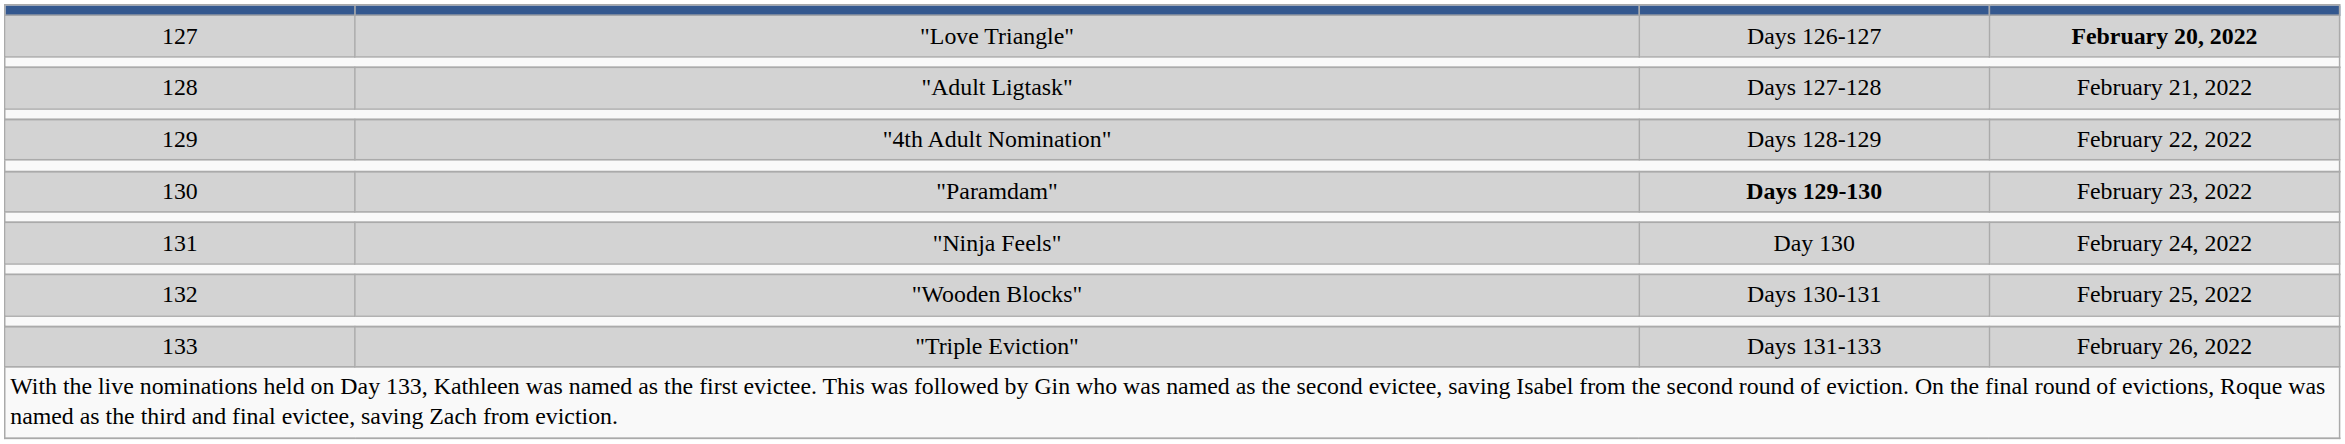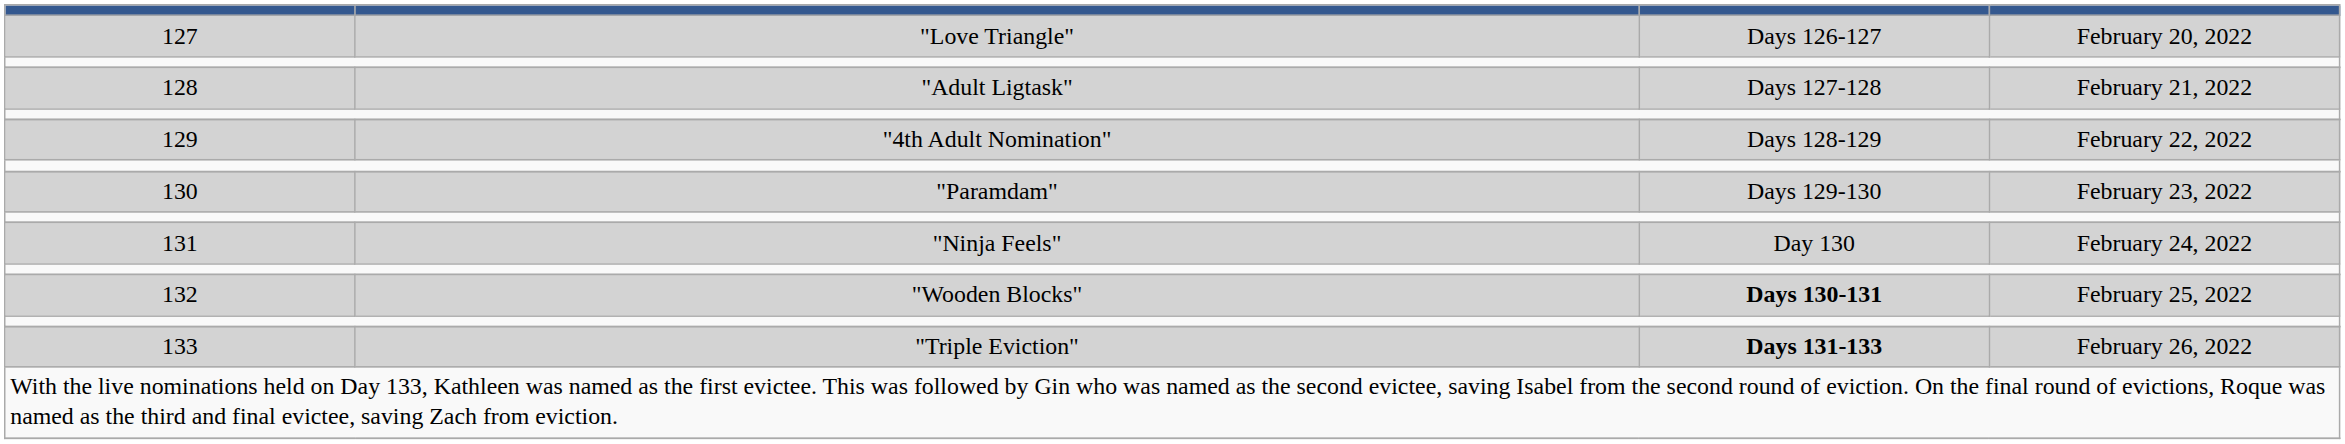 <table class="wikitable sortable" style="font-size:100%; line-height:20px; text-align:center">
 <tr>
 <th width="15%" style="background:#34588F"></th>
 <th width="55%" style="background:#34588F"></th>
 <th width="15%" style="background:#34588F"></th>
 <th width="15%" style="background:#34588F"></th>
 </tr>
 <tr style="background:lightgrey;">
 <td>127</td>
 <td>"Love Triangle"</td>
 <td>Days 126-127</td>
-<td><strong>February 20, 2022</strong></td>
+<td>February 20, 2022</td>
 </tr>
 <tr>
 <td colspan="4" align="left"></td>
 </tr>
 <tr>
 </tr>
 <tr style="background:lightgrey;">
 <td>128</td>
 <td>"Adult Ligtask"</td>
 <td>Days 127-128</td>
 <td>February 21, 2022</td>
 </tr>
 <tr>
 <td colspan="4" align="left"></td>
 </tr>
 <tr>
 </tr>
 <tr style="background:lightgrey;">
 <td>129</td>
 <td>"4th Adult Nomination"</td>
 <td>Days 128-129</td>
 <td>February 22, 2022</td>
 </tr>
 <tr>
 <td colspan="4" align="left"></td>
 </tr>
 <tr>
 </tr>
 <tr style="background:lightgrey;">
 <td>130</td>
 <td>"Paramdam"</td>
-<td><strong>Days 129-130</strong></td>
+<td>Days 129-130</td>
 <td>February 23, 2022</td>
 </tr>
 <tr>
 <td colspan="4" align="left"></td>
 </tr>
 <tr>
 </tr>
 <tr style="background:lightgrey;">
 <td>131</td>
 <td>"Ninja Feels"</td>
 <td>Day 130</td>
 <td>February 24, 2022</td>
 </tr>
 <tr>
 <td colspan="4" align="left"></td>
 </tr>
 <tr>
 </tr>
 <tr style="background:lightgrey;">
 <td>132</td>
 <td>"Wooden Blocks"</td>
-<td>Days 130-131</td>
+<td><strong>Days 130-131</strong></td>
 <td>February 25, 2022</td>
 </tr>
 <tr>
 <td colspan="4" align="left"></td>
 </tr>
 <tr>
 </tr>
 <tr style="background:lightgrey;">
 <td>133</td>
 <td>"Triple Eviction"</td>
-<td>Days 131-133</td>
+<td><strong>Days 131-133</strong></td>
 <td>February 26, 2022</td>
 </tr>
 <tr>
 <td colspan="4" align="left">With the live nominations held on Day 133, Kathleen was named as the first evictee. This was followed by Gin who was named as the second evictee, saving Isabel from the second round of eviction. On the final round of evictions, Roque was named as the third and final evictee, saving Zach from eviction.</td>
 </tr>
 <tr>
 </tr>
 </table>
